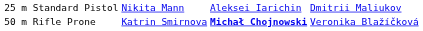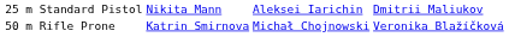 <table>
 <tr>
 <td>25 m Standard Pistol</td>
 <td><a href='#'>Nikita Mann</a><br></td>
 <td><a href='#'>Aleksei Iarichin</a><br></td>
 <td><a href='#'>Dmitrii Maliukov</a><br></td>
 </tr>
 <tr>
 <td>50 m Rifle Prone</td>
 <td><a href='#'>Katrin Smirnova</a><br></td>
-<td><strong><a href='#'>Michał Chojnowski</a><br></strong></td>
+<td><a href='#'>Michał Chojnowski</a><br></td>
 <td><a href='#'>Veronika Blažíčková</a><br></td>
 </tr>
 </table>
